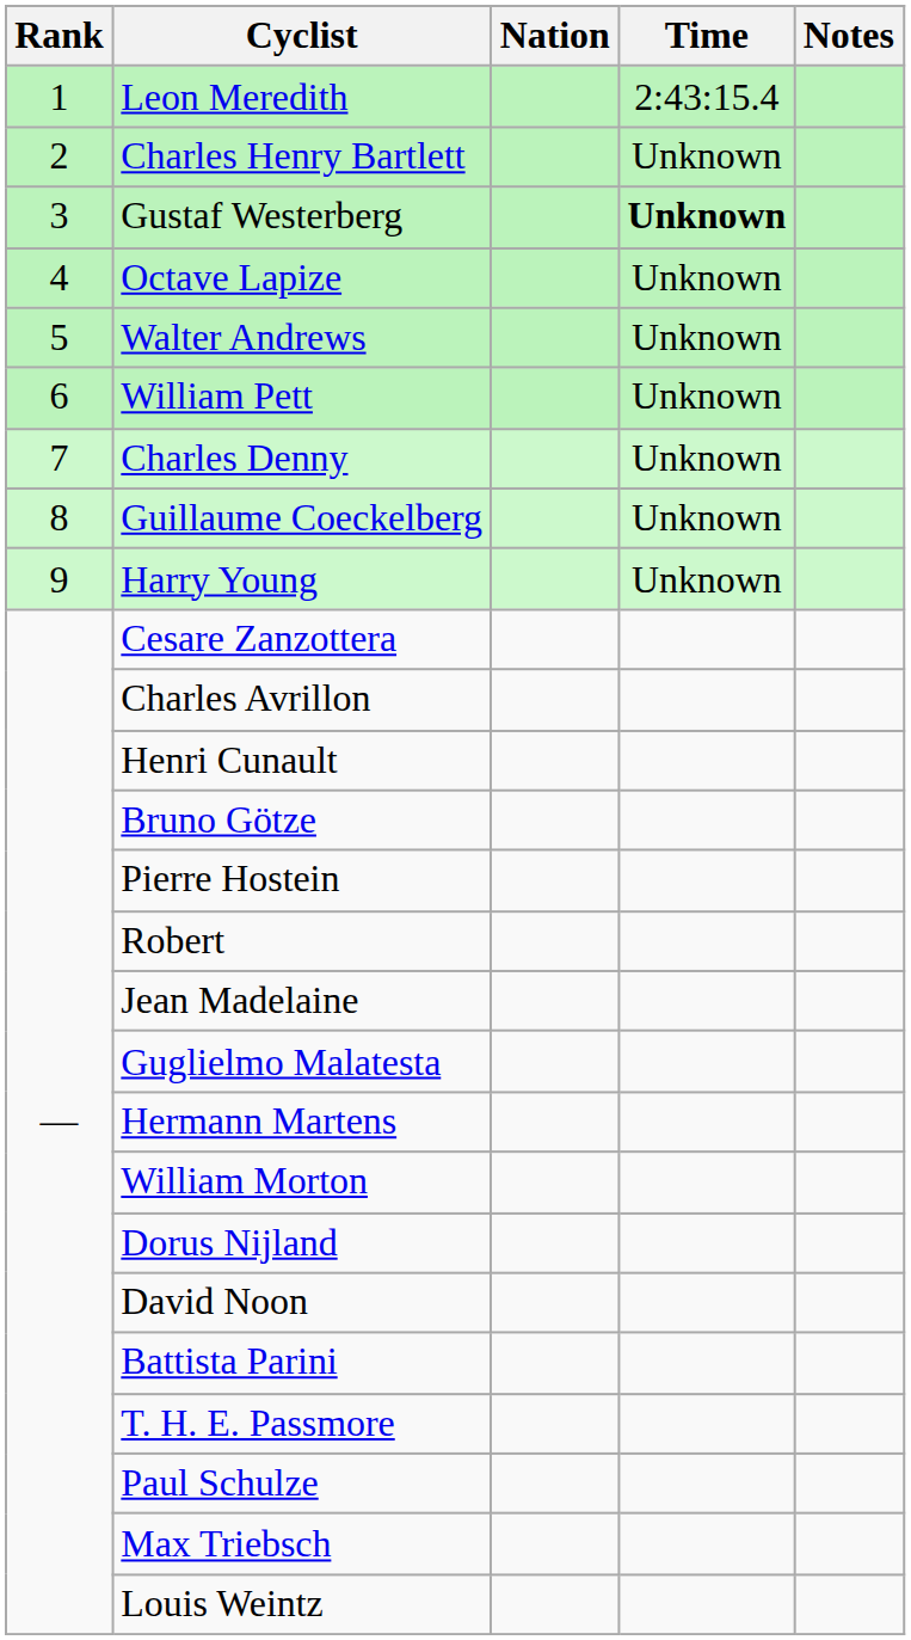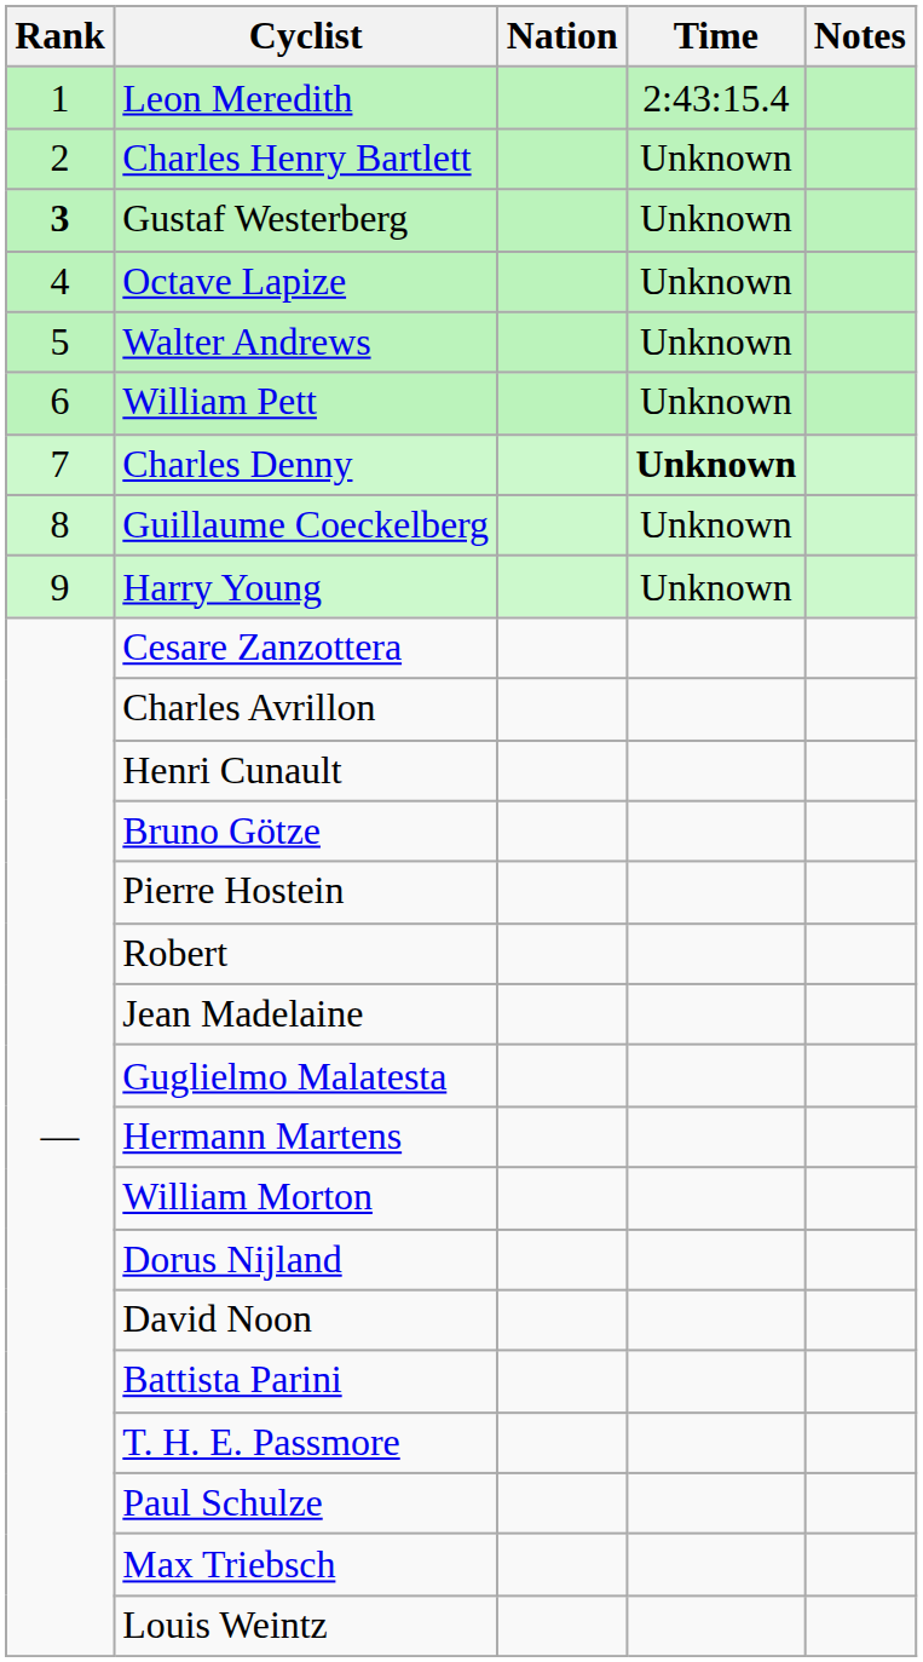 <table class="wikitable sortable">
 <tr>
 <th>Rank</th>
 <th>Cyclist</th>
 <th>Nation</th>
 <th>Time</th>
 <th>Notes</th>
 </tr>
 <tr bgcolor=bbf3bb>
 <td align=center>1</td>
 <td><a href='#'>Leon Meredith</a></td>
 <td></td>
 <td align=center>2:43:15.4</td>
 <td align=center></td>
 </tr>
 <tr bgcolor=bbf3bb>
 <td align=center>2</td>
 <td><a href='#'>Charles Henry Bartlett</a></td>
 <td></td>
 <td align=center>Unknown</td>
 <td align=center></td>
 </tr>
 <tr bgcolor=bbf3bb>
-<td align=center>3</td>
+<td align=center><strong>3</strong></td>
 <td>Gustaf Westerberg</td>
 <td></td>
-<td align=center><strong>Unknown</strong></td>
+<td align=center>Unknown</td>
 <td align=center></td>
 </tr>
 <tr bgcolor=bbf3bb>
 <td align=center>4</td>
 <td><a href='#'>Octave Lapize</a></td>
 <td></td>
 <td align=center>Unknown</td>
 <td align=center></td>
 </tr>
 <tr bgcolor=bbf3bb>
 <td align=center>5</td>
 <td><a href='#'>Walter Andrews</a></td>
 <td></td>
 <td align=center>Unknown</td>
 <td align=center></td>
 </tr>
 <tr bgcolor=bbf3bb>
 <td align=center>6</td>
 <td><a href='#'>William Pett</a></td>
 <td></td>
 <td align=center>Unknown</td>
 <td align=center></td>
 </tr>
 <tr bgcolor=ccf9cc>
 <td align=center>7</td>
 <td><a href='#'>Charles Denny</a></td>
 <td></td>
-<td align=center>Unknown</td>
+<td align=center><strong>Unknown</strong></td>
 <td align=center></td>
 </tr>
 <tr bgcolor=ccf9cc>
 <td align=center>8</td>
 <td><a href='#'>Guillaume Coeckelberg</a></td>
 <td></td>
 <td align=center>Unknown</td>
 <td align=center></td>
 </tr>
 <tr bgcolor=ccf9cc>
 <td align=center>9</td>
 <td><a href='#'>Harry Young</a></td>
 <td></td>
 <td align=center>Unknown</td>
 <td align=center></td>
 </tr>
 <tr>
 <td align=center rowspan=17 data-sort-value=10>—</td>
 <td><a href='#'>Cesare Zanzottera</a></td>
 <td></td>
 <td align=center></td>
 <td></td>
 </tr>
 <tr>
 <td>Charles Avrillon</td>
 <td></td>
 <td align=center></td>
 <td></td>
 </tr>
 <tr>
 <td>Henri Cunault</td>
 <td></td>
 <td align=center></td>
 <td></td>
 </tr>
 <tr>
 <td><a href='#'>Bruno Götze</a></td>
 <td></td>
 <td align=center></td>
 <td></td>
 </tr>
 <tr>
 <td>Pierre Hostein</td>
 <td></td>
 <td align=center></td>
 <td></td>
 </tr>
 <tr>
 <td>Robert</td>
 <td></td>
 <td align=center></td>
 <td></td>
 </tr>
 <tr>
 <td>Jean Madelaine</td>
 <td></td>
 <td align=center></td>
 <td></td>
 </tr>
 <tr>
 <td><a href='#'>Guglielmo Malatesta</a></td>
 <td></td>
 <td align=center></td>
 <td></td>
 </tr>
 <tr>
 <td><a href='#'>Hermann Martens</a></td>
 <td></td>
 <td align=center></td>
 <td></td>
 </tr>
 <tr>
 <td><a href='#'>William Morton</a></td>
 <td></td>
 <td align=center></td>
 <td></td>
 </tr>
 <tr>
 <td><a href='#'>Dorus Nijland</a></td>
 <td></td>
 <td align=center></td>
 <td></td>
 </tr>
 <tr>
 <td>David Noon</td>
 <td></td>
 <td align=center></td>
 <td></td>
 </tr>
 <tr>
 <td><a href='#'>Battista Parini</a></td>
 <td></td>
 <td align=center></td>
 <td></td>
 </tr>
 <tr>
 <td><a href='#'>T. H. E. Passmore</a></td>
 <td></td>
 <td align=center></td>
 <td></td>
 </tr>
 <tr>
 <td><a href='#'>Paul Schulze</a></td>
 <td></td>
 <td align=center></td>
 <td></td>
 </tr>
 <tr>
 <td><a href='#'>Max Triebsch</a></td>
 <td></td>
 <td align=center></td>
 <td></td>
 </tr>
 <tr>
 <td>Louis Weintz</td>
 <td></td>
 <td align=center></td>
 <td></td>
 </tr>
 </table>
